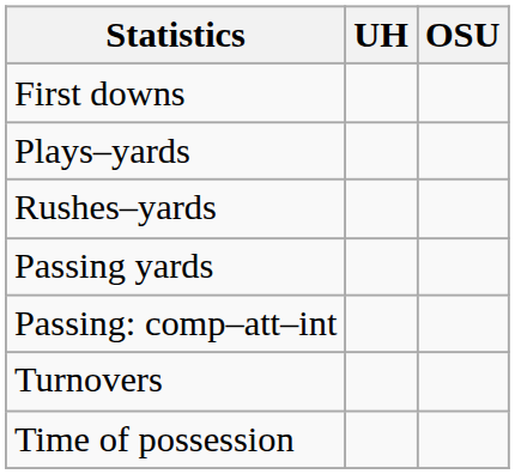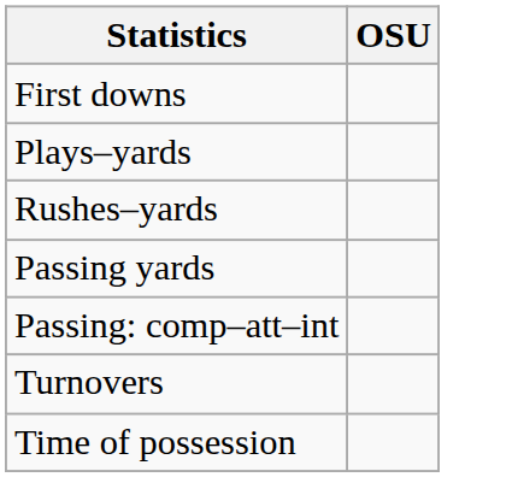 <table class="wikitable" style="float:left">
 <tr>
 <th>Statistics</th>
-<th>UH</th>
 <th>OSU</th>
 </tr>
 <tr>
 <td>First downs</td>
 <td></td>
-<td></td>
 </tr>
 <tr>
 <td>Plays–yards</td>
-<td></td>
 <td></td>
 </tr>
 <tr>
 <td>Rushes–yards</td>
 <td></td>
-<td></td>
 </tr>
 <tr>
 <td>Passing yards</td>
-<td></td>
 <td></td>
 </tr>
 <tr>
 <td>Passing: comp–att–int</td>
 <td></td>
-<td></td>
 </tr>
 <tr>
 <td>Turnovers</td>
-<td></td>
 <td></td>
 </tr>
 <tr>
 <td>Time of possession</td>
 <td></td>
-<td></td>
 </tr>
 </table>
